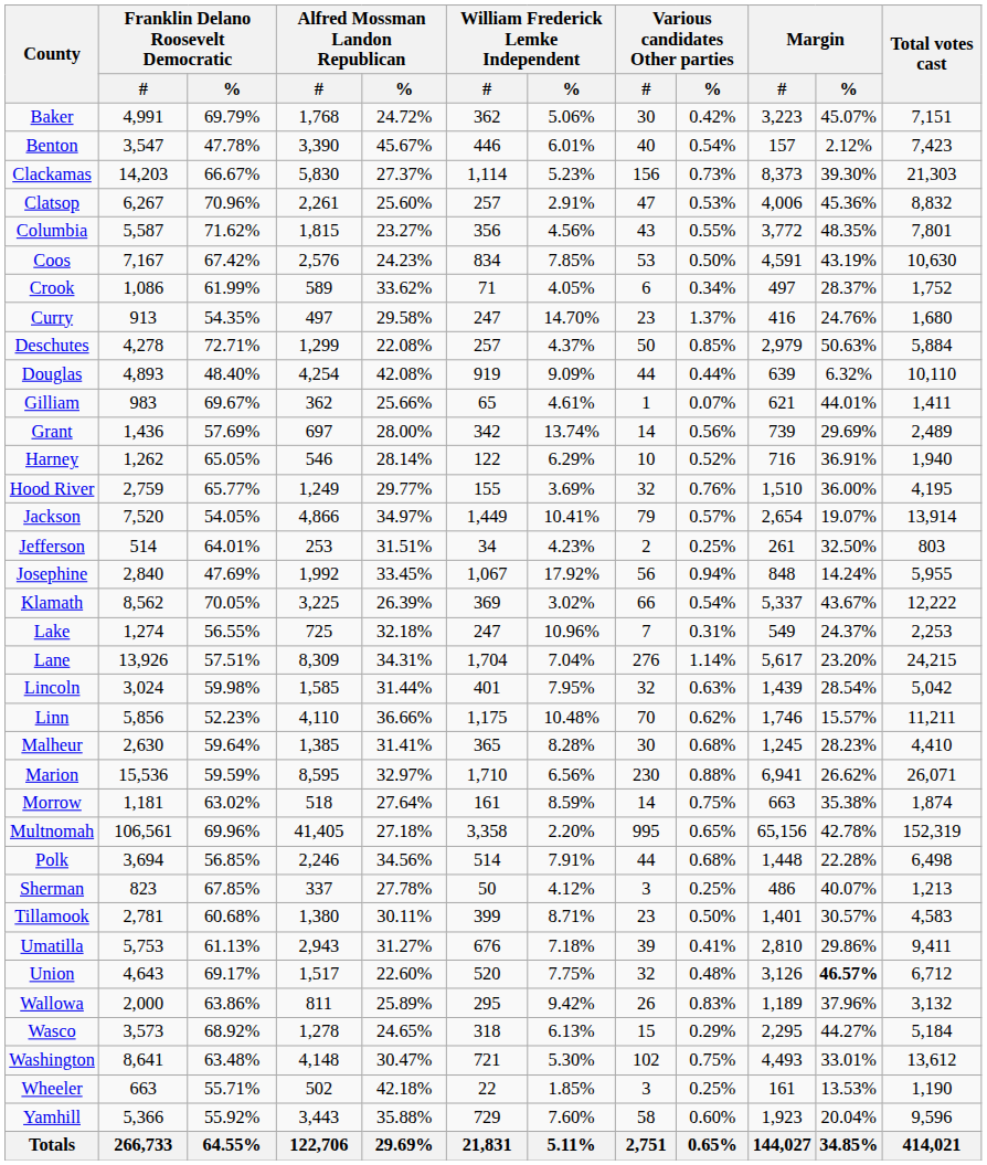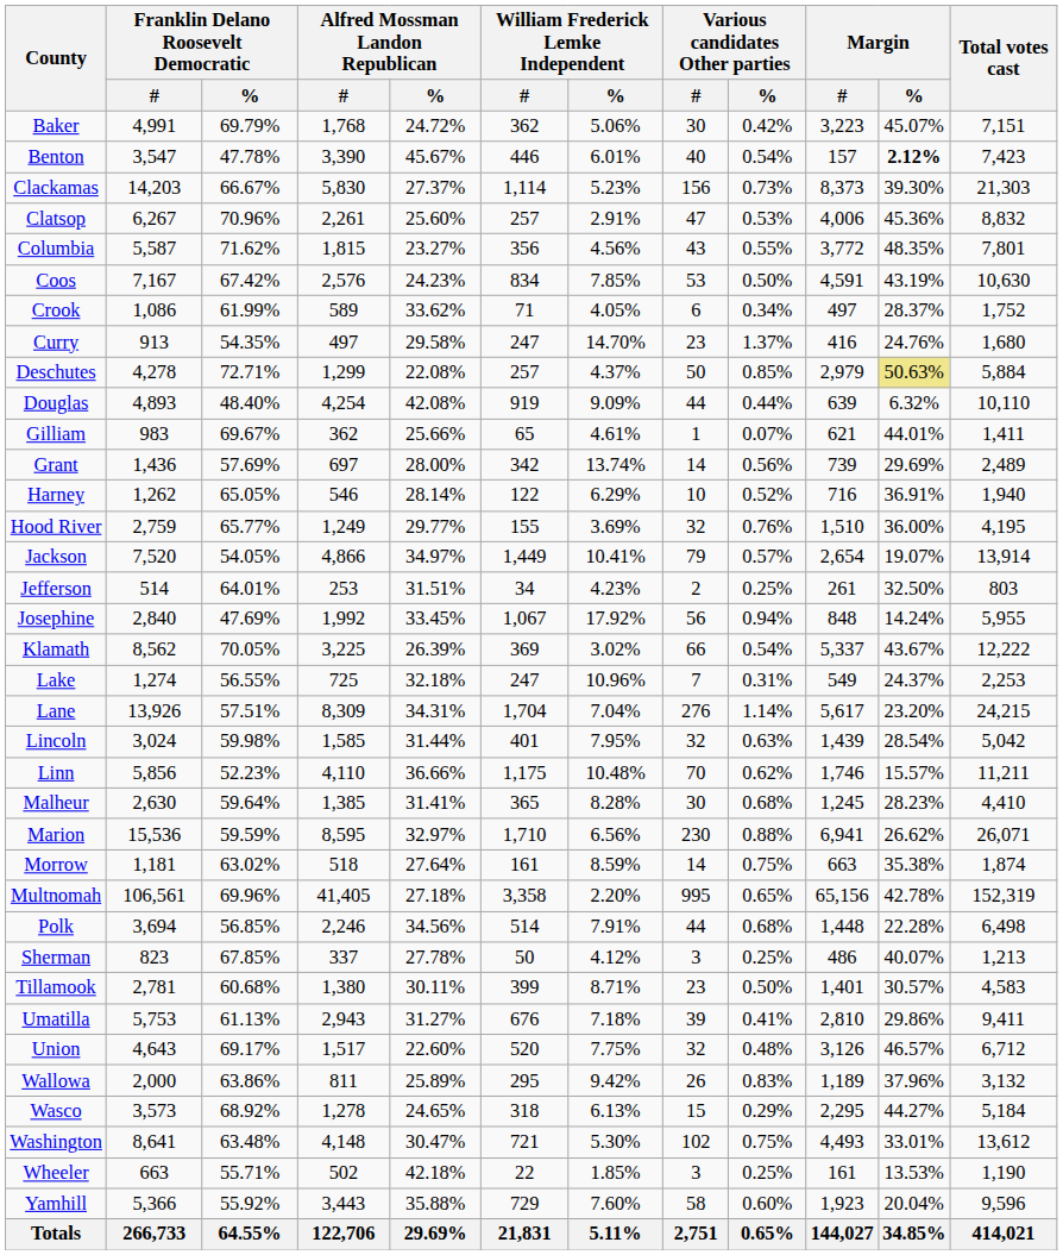 <table class="wikitable sortable" style="text-align:center">
 <tr>
 <th style="text-align:center;" rowspan="2">County</th>
 <th style="text-align:center;" colspan="2">Franklin Delano Roosevelt<br>Democratic</th>
 <th style="text-align:center;" colspan="2">Alfred Mossman Landon<br>Republican</th>
 <th style="text-align:center;" colspan="2">William Frederick Lemke<br>Independent</th>
 <th style="text-align:center;" colspan="2">Various candidates<br>Other parties</th>
 <th style="text-align:center;" colspan="2">Margin</th>
 <th style="text-align:center;" rowspan="2">Total votes cast</th>
 </tr>
 <tr>
 <th style="text-align:center;" data-sort-type="number">#</th>
 <th style="text-align:center;" data-sort-type="number">%</th>
 <th style="text-align:center;" data-sort-type="number">#</th>
 <th style="text-align:center;" data-sort-type="number">%</th>
 <th style="text-align:center;" data-sort-type="number">#</th>
 <th style="text-align:center;" data-sort-type="number">%</th>
 <th style="text-align:center;" data-sort-type="number">#</th>
 <th style="text-align:center;" data-sort-type="number">%</th>
 <th style="text-align:center;" data-sort-type="number">#</th>
 <th style="text-align:center;" data-sort-type="number">%</th>
 </tr>
 <tr style="text-align:center;">
 <td><a href='#'>Baker</a></td>
 <td>4,991</td>
 <td>69.79%</td>
 <td>1,768</td>
 <td>24.72%</td>
 <td>362</td>
 <td>5.06%</td>
 <td>30</td>
 <td>0.42%</td>
 <td>3,223</td>
 <td>45.07%</td>
 <td>7,151</td>
 </tr>
 <tr style="text-align:center;">
 <td><a href='#'>Benton</a></td>
 <td>3,547</td>
 <td>47.78%</td>
 <td>3,390</td>
 <td>45.67%</td>
 <td>446</td>
 <td>6.01%</td>
 <td>40</td>
 <td>0.54%</td>
 <td>157</td>
-<td>2.12%</td>
+<td><strong>2.12%</strong></td>
 <td>7,423</td>
 </tr>
 <tr style="text-align:center;">
 <td><a href='#'>Clackamas</a></td>
 <td>14,203</td>
 <td>66.67%</td>
 <td>5,830</td>
 <td>27.37%</td>
 <td>1,114</td>
 <td>5.23%</td>
 <td>156</td>
 <td>0.73%</td>
 <td>8,373</td>
 <td>39.30%</td>
 <td>21,303</td>
 </tr>
 <tr style="text-align:center;">
 <td><a href='#'>Clatsop</a></td>
 <td>6,267</td>
 <td>70.96%</td>
 <td>2,261</td>
 <td>25.60%</td>
 <td>257</td>
 <td>2.91%</td>
 <td>47</td>
 <td>0.53%</td>
 <td>4,006</td>
 <td>45.36%</td>
 <td>8,832</td>
 </tr>
 <tr style="text-align:center;">
 <td><a href='#'>Columbia</a></td>
 <td>5,587</td>
 <td>71.62%</td>
 <td>1,815</td>
 <td>23.27%</td>
 <td>356</td>
 <td>4.56%</td>
 <td>43</td>
 <td>0.55%</td>
 <td>3,772</td>
 <td>48.35%</td>
 <td>7,801</td>
 </tr>
 <tr style="text-align:center;">
 <td><a href='#'>Coos</a></td>
 <td>7,167</td>
 <td>67.42%</td>
 <td>2,576</td>
 <td>24.23%</td>
 <td>834</td>
 <td>7.85%</td>
 <td>53</td>
 <td>0.50%</td>
 <td>4,591</td>
 <td>43.19%</td>
 <td>10,630</td>
 </tr>
 <tr style="text-align:center;">
 <td><a href='#'>Crook</a></td>
 <td>1,086</td>
 <td>61.99%</td>
 <td>589</td>
 <td>33.62%</td>
 <td>71</td>
 <td>4.05%</td>
 <td>6</td>
 <td>0.34%</td>
 <td>497</td>
 <td>28.37%</td>
 <td>1,752</td>
 </tr>
 <tr style="text-align:center;">
 <td><a href='#'>Curry</a></td>
 <td>913</td>
 <td>54.35%</td>
 <td>497</td>
 <td>29.58%</td>
 <td>247</td>
 <td>14.70%</td>
 <td>23</td>
 <td>1.37%</td>
 <td>416</td>
 <td>24.76%</td>
 <td>1,680</td>
 </tr>
 <tr style="text-align:center;">
 <td><a href='#'>Deschutes</a></td>
 <td>4,278</td>
 <td>72.71%</td>
 <td>1,299</td>
 <td>22.08%</td>
 <td>257</td>
 <td>4.37%</td>
 <td>50</td>
 <td>0.85%</td>
 <td>2,979</td>
-<td>50.63%</td>
+<td style="background: khaki;">50.63%</td>
 <td>5,884</td>
 </tr>
 <tr style="text-align:center;">
 <td><a href='#'>Douglas</a></td>
 <td>4,893</td>
 <td>48.40%</td>
 <td>4,254</td>
 <td>42.08%</td>
 <td>919</td>
 <td>9.09%</td>
 <td>44</td>
 <td>0.44%</td>
 <td>639</td>
 <td>6.32%</td>
 <td>10,110</td>
 </tr>
 <tr style="text-align:center;">
 <td><a href='#'>Gilliam</a></td>
 <td>983</td>
 <td>69.67%</td>
 <td>362</td>
 <td>25.66%</td>
 <td>65</td>
 <td>4.61%</td>
 <td>1</td>
 <td>0.07%</td>
 <td>621</td>
 <td>44.01%</td>
 <td>1,411</td>
 </tr>
 <tr style="text-align:center;">
 <td><a href='#'>Grant</a></td>
 <td>1,436</td>
 <td>57.69%</td>
 <td>697</td>
 <td>28.00%</td>
 <td>342</td>
 <td>13.74%</td>
 <td>14</td>
 <td>0.56%</td>
 <td>739</td>
 <td>29.69%</td>
 <td>2,489</td>
 </tr>
 <tr style="text-align:center;">
 <td><a href='#'>Harney</a></td>
 <td>1,262</td>
 <td>65.05%</td>
 <td>546</td>
 <td>28.14%</td>
 <td>122</td>
 <td>6.29%</td>
 <td>10</td>
 <td>0.52%</td>
 <td>716</td>
 <td>36.91%</td>
 <td>1,940</td>
 </tr>
 <tr style="text-align:center;">
 <td><a href='#'>Hood River</a></td>
 <td>2,759</td>
 <td>65.77%</td>
 <td>1,249</td>
 <td>29.77%</td>
 <td>155</td>
 <td>3.69%</td>
 <td>32</td>
 <td>0.76%</td>
 <td>1,510</td>
 <td>36.00%</td>
 <td>4,195</td>
 </tr>
 <tr style="text-align:center;">
 <td><a href='#'>Jackson</a></td>
 <td>7,520</td>
 <td>54.05%</td>
 <td>4,866</td>
 <td>34.97%</td>
 <td>1,449</td>
 <td>10.41%</td>
 <td>79</td>
 <td>0.57%</td>
 <td>2,654</td>
 <td>19.07%</td>
 <td>13,914</td>
 </tr>
 <tr style="text-align:center;">
 <td><a href='#'>Jefferson</a></td>
 <td>514</td>
 <td>64.01%</td>
 <td>253</td>
 <td>31.51%</td>
 <td>34</td>
 <td>4.23%</td>
 <td>2</td>
 <td>0.25%</td>
 <td>261</td>
 <td>32.50%</td>
 <td>803</td>
 </tr>
 <tr style="text-align:center;">
 <td><a href='#'>Josephine</a></td>
 <td>2,840</td>
 <td>47.69%</td>
 <td>1,992</td>
 <td>33.45%</td>
 <td>1,067</td>
 <td>17.92%</td>
 <td>56</td>
 <td>0.94%</td>
 <td>848</td>
 <td>14.24%</td>
 <td>5,955</td>
 </tr>
 <tr style="text-align:center;">
 <td><a href='#'>Klamath</a></td>
 <td>8,562</td>
 <td>70.05%</td>
 <td>3,225</td>
 <td>26.39%</td>
 <td>369</td>
 <td>3.02%</td>
 <td>66</td>
 <td>0.54%</td>
 <td>5,337</td>
 <td>43.67%</td>
 <td>12,222</td>
 </tr>
 <tr style="text-align:center;">
 <td><a href='#'>Lake</a></td>
 <td>1,274</td>
 <td>56.55%</td>
 <td>725</td>
 <td>32.18%</td>
 <td>247</td>
 <td>10.96%</td>
 <td>7</td>
 <td>0.31%</td>
 <td>549</td>
 <td>24.37%</td>
 <td>2,253</td>
 </tr>
 <tr style="text-align:center;">
 <td><a href='#'>Lane</a></td>
 <td>13,926</td>
 <td>57.51%</td>
 <td>8,309</td>
 <td>34.31%</td>
 <td>1,704</td>
 <td>7.04%</td>
 <td>276</td>
 <td>1.14%</td>
 <td>5,617</td>
 <td>23.20%</td>
 <td>24,215</td>
 </tr>
 <tr style="text-align:center;">
 <td><a href='#'>Lincoln</a></td>
 <td>3,024</td>
 <td>59.98%</td>
 <td>1,585</td>
 <td>31.44%</td>
 <td>401</td>
 <td>7.95%</td>
 <td>32</td>
 <td>0.63%</td>
 <td>1,439</td>
 <td>28.54%</td>
 <td>5,042</td>
 </tr>
 <tr style="text-align:center;">
 <td><a href='#'>Linn</a></td>
 <td>5,856</td>
 <td>52.23%</td>
 <td>4,110</td>
 <td>36.66%</td>
 <td>1,175</td>
 <td>10.48%</td>
 <td>70</td>
 <td>0.62%</td>
 <td>1,746</td>
 <td>15.57%</td>
 <td>11,211</td>
 </tr>
 <tr style="text-align:center;">
 <td><a href='#'>Malheur</a></td>
 <td>2,630</td>
 <td>59.64%</td>
 <td>1,385</td>
 <td>31.41%</td>
 <td>365</td>
 <td>8.28%</td>
 <td>30</td>
 <td>0.68%</td>
 <td>1,245</td>
 <td>28.23%</td>
 <td>4,410</td>
 </tr>
 <tr style="text-align:center;">
 <td><a href='#'>Marion</a></td>
 <td>15,536</td>
 <td>59.59%</td>
 <td>8,595</td>
 <td>32.97%</td>
 <td>1,710</td>
 <td>6.56%</td>
 <td>230</td>
 <td>0.88%</td>
 <td>6,941</td>
 <td>26.62%</td>
 <td>26,071</td>
 </tr>
 <tr style="text-align:center;">
 <td><a href='#'>Morrow</a></td>
 <td>1,181</td>
 <td>63.02%</td>
 <td>518</td>
 <td>27.64%</td>
 <td>161</td>
 <td>8.59%</td>
 <td>14</td>
 <td>0.75%</td>
 <td>663</td>
 <td>35.38%</td>
 <td>1,874</td>
 </tr>
 <tr style="text-align:center;">
 <td><a href='#'>Multnomah</a></td>
 <td>106,561</td>
 <td>69.96%</td>
 <td>41,405</td>
 <td>27.18%</td>
 <td>3,358</td>
 <td>2.20%</td>
 <td>995</td>
 <td>0.65%</td>
 <td>65,156</td>
 <td>42.78%</td>
 <td>152,319</td>
 </tr>
 <tr style="text-align:center;">
 <td><a href='#'>Polk</a></td>
 <td>3,694</td>
 <td>56.85%</td>
 <td>2,246</td>
 <td>34.56%</td>
 <td>514</td>
 <td>7.91%</td>
 <td>44</td>
 <td>0.68%</td>
 <td>1,448</td>
 <td>22.28%</td>
 <td>6,498</td>
 </tr>
 <tr style="text-align:center;">
 <td><a href='#'>Sherman</a></td>
 <td>823</td>
 <td>67.85%</td>
 <td>337</td>
 <td>27.78%</td>
 <td>50</td>
 <td>4.12%</td>
 <td>3</td>
 <td>0.25%</td>
 <td>486</td>
 <td>40.07%</td>
 <td>1,213</td>
 </tr>
 <tr style="text-align:center;">
 <td><a href='#'>Tillamook</a></td>
 <td>2,781</td>
 <td>60.68%</td>
 <td>1,380</td>
 <td>30.11%</td>
 <td>399</td>
 <td>8.71%</td>
 <td>23</td>
 <td>0.50%</td>
 <td>1,401</td>
 <td>30.57%</td>
 <td>4,583</td>
 </tr>
 <tr style="text-align:center;">
 <td><a href='#'>Umatilla</a></td>
 <td>5,753</td>
 <td>61.13%</td>
 <td>2,943</td>
 <td>31.27%</td>
 <td>676</td>
 <td>7.18%</td>
 <td>39</td>
 <td>0.41%</td>
 <td>2,810</td>
 <td>29.86%</td>
 <td>9,411</td>
 </tr>
 <tr style="text-align:center;">
 <td><a href='#'>Union</a></td>
 <td>4,643</td>
 <td>69.17%</td>
 <td>1,517</td>
 <td>22.60%</td>
 <td>520</td>
 <td>7.75%</td>
 <td>32</td>
 <td>0.48%</td>
 <td>3,126</td>
-<td><strong>46.57%</strong></td>
+<td>46.57%</td>
 <td>6,712</td>
 </tr>
 <tr style="text-align:center;">
 <td><a href='#'>Wallowa</a></td>
 <td>2,000</td>
 <td>63.86%</td>
 <td>811</td>
 <td>25.89%</td>
 <td>295</td>
 <td>9.42%</td>
 <td>26</td>
 <td>0.83%</td>
 <td>1,189</td>
 <td>37.96%</td>
 <td>3,132</td>
 </tr>
 <tr style="text-align:center;">
 <td><a href='#'>Wasco</a></td>
 <td>3,573</td>
 <td>68.92%</td>
 <td>1,278</td>
 <td>24.65%</td>
 <td>318</td>
 <td>6.13%</td>
 <td>15</td>
 <td>0.29%</td>
 <td>2,295</td>
 <td>44.27%</td>
 <td>5,184</td>
 </tr>
 <tr style="text-align:center;">
 <td><a href='#'>Washington</a></td>
 <td>8,641</td>
 <td>63.48%</td>
 <td>4,148</td>
 <td>30.47%</td>
 <td>721</td>
 <td>5.30%</td>
 <td>102</td>
 <td>0.75%</td>
 <td>4,493</td>
 <td>33.01%</td>
 <td>13,612</td>
 </tr>
 <tr style="text-align:center;">
 <td><a href='#'>Wheeler</a></td>
 <td>663</td>
 <td>55.71%</td>
 <td>502</td>
 <td>42.18%</td>
 <td>22</td>
 <td>1.85%</td>
 <td>3</td>
 <td>0.25%</td>
 <td>161</td>
 <td>13.53%</td>
 <td>1,190</td>
 </tr>
 <tr style="text-align:center;">
 <td><a href='#'>Yamhill</a></td>
 <td>5,366</td>
 <td>55.92%</td>
 <td>3,443</td>
 <td>35.88%</td>
 <td>729</td>
 <td>7.60%</td>
 <td>58</td>
 <td>0.60%</td>
 <td>1,923</td>
 <td>20.04%</td>
 <td>9,596</td>
 </tr>
 <tr style="text-align:center;">
 <th>Totals</th>
 <th>266,733</th>
 <th>64.55%</th>
 <th>122,706</th>
 <th>29.69%</th>
 <th>21,831</th>
 <th>5.11%</th>
 <th>2,751</th>
 <th>0.65%</th>
 <th>144,027</th>
 <th>34.85%</th>
 <th>414,021</th>
 </tr>
 </table>
